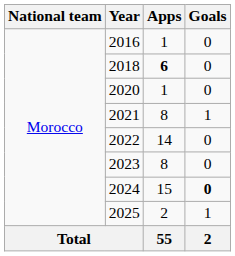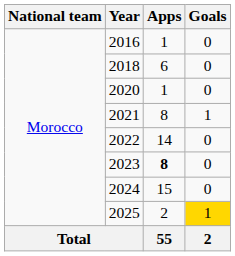 <table class="wikitable" style="text-align:center">
 <tr>
 <th>National team</th>
 <th>Year</th>
 <th>Apps</th>
 <th>Goals</th>
 </tr>
 <tr>
 <td rowspan="8"><a href='#'>Morocco</a></td>
 <td>2016</td>
 <td>1</td>
 <td>0</td>
 </tr>
 <tr>
 <td>2018</td>
-<td><strong>6</strong></td>
+<td>6</td>
 <td>0</td>
 </tr>
 <tr>
 <td>2020</td>
 <td>1</td>
 <td>0</td>
 </tr>
 <tr>
 <td>2021</td>
 <td>8</td>
 <td>1</td>
 </tr>
 <tr>
 <td>2022</td>
 <td>14</td>
 <td>0</td>
 </tr>
 <tr>
 <td>2023</td>
-<td>8</td>
+<td><strong>8</strong></td>
 <td>0</td>
 </tr>
 <tr>
 <td>2024</td>
 <td>15</td>
-<td><strong>0</strong></td>
+<td>0</td>
 </tr>
 <tr>
 <td>2025</td>
 <td>2</td>
-<td>1</td>
+<td style="background: gold;">1</td>
 </tr>
 <tr>
 <th colspan="2">Total</th>
 <th>55</th>
 <th>2</th>
 </tr>
 </table>
